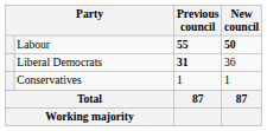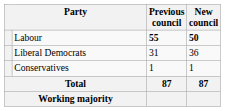 <table class="wikitable">
 <tr>
 <th valign=top colspan="2" style="width: 230px">Party</th>
 <th valign=top style="width: 30px">Previous council</th>
 <th valign=top style="width: 30px">New council</th>
 </tr>
 <tr>
 <th style="background-color: "></th>
 <td>Labour</td>
 <td><strong>55</strong></td>
 <td><strong>50</strong></td>
 </tr>
 <tr>
 <th style="background-color: "></th>
 <td>Liberal Democrats</td>
-<td><strong>31</strong></td>
+<td>31</td>
 <td>36</td>
 </tr>
 <tr>
 <th style="background-color: "></th>
 <td>Conservatives</td>
 <td>1</td>
 <td>1</td>
 </tr>
 <tr>
 <th colspan=2>Total</th>
 <th style="text-align: center">87</th>
 <th colspan=3>87</th>
 </tr>
 <tr>
 <th colspan=2>Working majority</th>
 <th></th>
 <th></th>
 </tr>
 </table>
